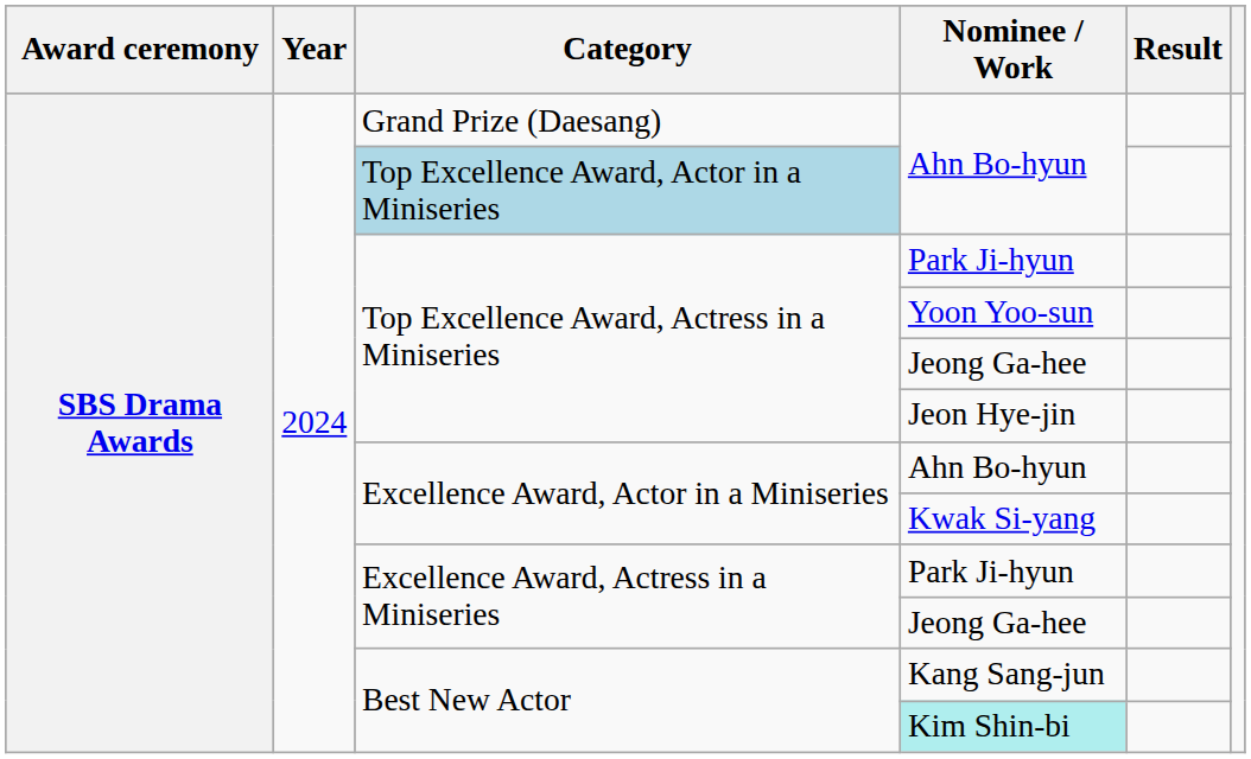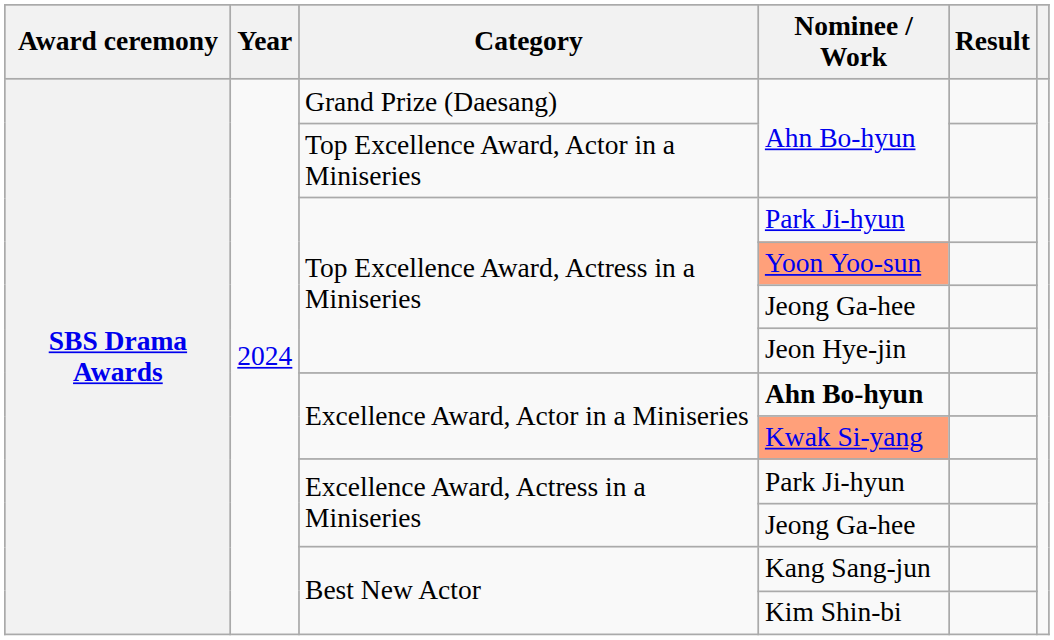 <table class="wikitable plainrowheaders">
 <tr>
 <th scope="col">Award ceremony</th>
 <th scope="col">Year</th>
 <th scope="col">Category</th>
 <th scope="col">Nominee / Work</th>
 <th scope="col">Result</th>
 <th scope="col" class="unsortable"></th>
 </tr>
 <tr>
 <th scope="row" rowspan="12"><a href='#'>SBS Drama Awards</a></th>
 <td rowspan="12" style="text-align:center"><a href='#'>2024</a></td>
 <td>Grand Prize (Daesang)</td>
 <td rowspan="2"><a href='#'>Ahn Bo-hyun</a></td>
 <td></td>
 <td rowspan="12" style="text-align:center"></td>
 </tr>
 <tr>
-<td style="background: lightblue;">Top Excellence Award, Actor in a Miniseries</td>
+<td>Top Excellence Award, Actor in a Miniseries</td>
 <td></td>
 </tr>
 <tr>
 <td rowspan="4">Top Excellence Award, Actress in a Miniseries</td>
 <td><a href='#'>Park Ji-hyun</a></td>
 <td></td>
 </tr>
 <tr>
-<td><a href='#'>Yoon Yoo-sun</a></td>
+<td style="background: lightsalmon;"><a href='#'>Yoon Yoo-sun</a></td>
 <td></td>
 </tr>
 <tr>
 <td>Jeong Ga-hee</td>
 <td></td>
 </tr>
 <tr>
 <td>Jeon Hye-jin</td>
 <td></td>
 </tr>
 <tr>
 <td rowspan="2">Excellence Award, Actor in a Miniseries</td>
-<td>Ahn Bo-hyun</td>
+<td><strong>Ahn Bo-hyun</strong></td>
 <td></td>
 </tr>
 <tr>
-<td><a href='#'>Kwak Si-yang</a></td>
+<td style="background: lightsalmon;"><a href='#'>Kwak Si-yang</a></td>
 <td></td>
 </tr>
 <tr>
 <td rowspan="2">Excellence Award, Actress in a Miniseries</td>
 <td>Park Ji-hyun</td>
 <td></td>
 </tr>
 <tr>
 <td>Jeong Ga-hee</td>
 <td></td>
 </tr>
 <tr>
 <td rowspan="2">Best New Actor</td>
 <td>Kang Sang-jun</td>
 <td></td>
 </tr>
 <tr>
-<td style="background: paleturquoise;">Kim Shin-bi</td>
+<td>Kim Shin-bi</td>
 <td></td>
 </tr>
 </table>
